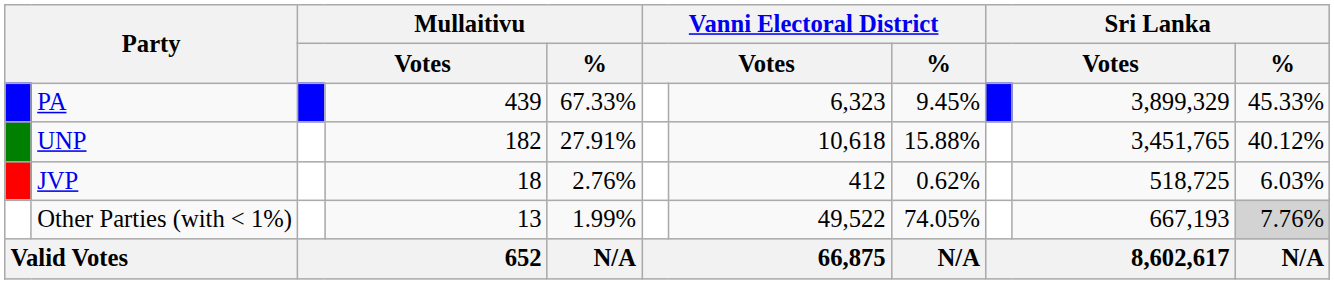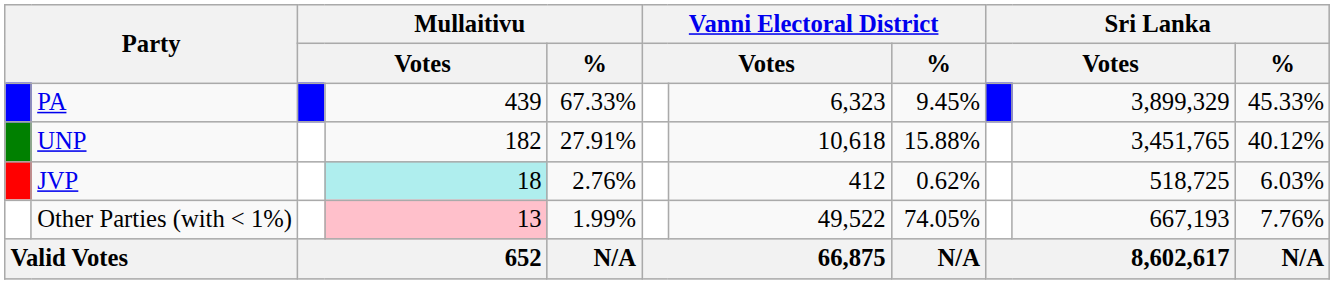 <table class="wikitable">
 <tr>
 <th colspan="2" width="144px"rowspan="2">Party</th>
 <th colspan="3" width="216px">Mullaitivu</th>
 <th colspan="3" width="216px"><a href='#'>Vanni Electoral District</a></th>
 <th colspan="3" width="216px">Sri Lanka</th>
 </tr>
 <tr>
 <th colspan="2" width="144px">Votes</th>
 <th>%</th>
 <th colspan="2" width="144px">Votes</th>
 <th>%</th>
 <th colspan="2" width="144px">Votes</th>
 <th>%</th>
 </tr>
 <tr>
 <td style="background-color:blue;" width="10px"></td>
 <td style="text-align:left;"><a href='#'>PA</a></td>
 <td style="background-color:blue;" width="10px"></td>
 <td style="text-align:right;">439</td>
 <td style="text-align:right;">67.33%</td>
 <td style="background-color:white;" width="10px"></td>
 <td style="text-align:right;">6,323</td>
 <td style="text-align:right;">9.45%</td>
 <td style="background-color:blue;" width="10px"></td>
 <td style="text-align:right;">3,899,329</td>
 <td style="text-align:right;">45.33%</td>
 </tr>
 <tr>
 <td style="background-color:green;" width="10px"></td>
 <td style="text-align:left;"><a href='#'>UNP</a></td>
 <td style="background-color:white;" width="10px"></td>
 <td style="text-align:right;">182</td>
 <td style="text-align:right;">27.91%</td>
 <td style="background-color:white;" width="10px"></td>
 <td style="text-align:right;">10,618</td>
 <td style="text-align:right;">15.88%</td>
 <td style="background-color:white;" width="10px"></td>
 <td style="text-align:right;">3,451,765</td>
 <td style="text-align:right;">40.12%</td>
 </tr>
 <tr>
 <td style="background-color:red;" width="10px"></td>
 <td style="text-align:left;"><a href='#'>JVP</a></td>
 <td style="background-color:white;" width="10px"></td>
-<td style="text-align:right;">18</td>
+<td style="background: paleturquoise; text-align:right;">18</td>
 <td style="text-align:right;">2.76%</td>
 <td style="background-color:white;" width="10px"></td>
 <td style="text-align:right;">412</td>
 <td style="text-align:right;">0.62%</td>
 <td style="background-color:white;" width="10px"></td>
 <td style="text-align:right;">518,725</td>
 <td style="text-align:right;">6.03%</td>
 </tr>
 <tr>
 <td style="background-color:white;" width="10px"></td>
 <td style="text-align:left;">Other Parties (with < 1%)</td>
 <td style="background-color:white;" width="10px"></td>
-<td style="text-align:right;">13</td>
+<td style="background: pink; text-align:right;">13</td>
 <td style="text-align:right;">1.99%</td>
 <td style="background-color:white;" width="10px"></td>
 <td style="text-align:right;">49,522</td>
 <td style="text-align:right;">74.05%</td>
 <td style="background-color:white;" width="10px"></td>
 <td style="text-align:right;">667,193</td>
-<td style="background: lightgrey; text-align:right;">7.76%</td>
+<td style="text-align:right;">7.76%</td>
 </tr>
 <tr>
 <th colspan="2" width="144px"style="text-align:left;">Valid Votes</th>
 <th style="text-align:right;"colspan="2" width="144px">652</th>
 <th style="text-align:right;">N/A</th>
 <th style="text-align:right;"colspan="2" width="144px">66,875</th>
 <th style="text-align:right;">N/A</th>
 <th style="text-align:right;"colspan="2" width="144px">8,602,617</th>
 <th style="text-align:right;">N/A</th>
 </tr>
 </table>
